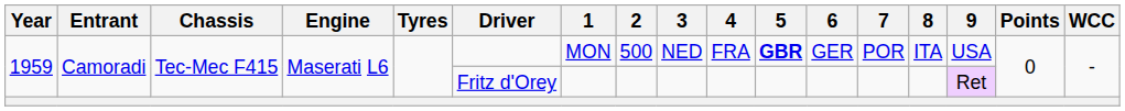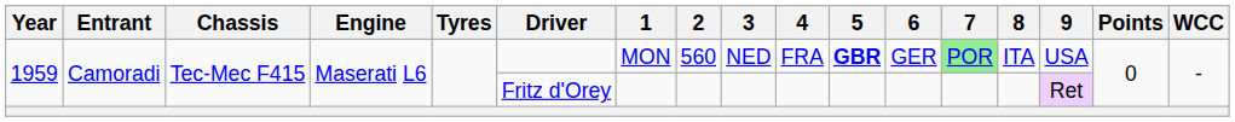 <table class="wikitable" style="text-align:center; font-size:95%">
 <tr>
 <th>Year</th>
 <th>Entrant</th>
 <th>Chassis</th>
 <th>Engine</th>
 <th>Tyres</th>
 <th>Driver</th>
 <th>1</th>
 <th>2</th>
 <th>3</th>
 <th>4</th>
 <th>5</th>
 <th>6</th>
 <th>7</th>
 <th>8</th>
 <th>9</th>
 <th>Points</th>
 <th>WCC</th>
 </tr>
 <tr>
 <td rowspan="2"><a href='#'>1959</a></td>
 <td rowspan="2"><a href='#'>Camoradi</a></td>
 <td rowspan="2"><a href='#'>Tec-Mec F415</a></td>
 <td rowspan="2"><a href='#'>Maserati</a> <a href='#'>L6</a></td>
 <td rowspan="2"></td>
 <td></td>
 <td><a href='#'>MON</a></td>
-<td><a href='#'>500</a></td>
+<td><a href='#'>560</a></td>
 <td><a href='#'>NED</a></td>
 <td><a href='#'>FRA</a></td>
 <td><strong><a href='#'>GBR</a></strong></td>
 <td><a href='#'>GER</a></td>
-<td><a href='#'>POR</a></td>
+<td style="background: lightgreen;"><a href='#'>POR</a></td>
 <td><a href='#'>ITA</a></td>
 <td><a href='#'>USA</a></td>
 <td rowspan="2">0</td>
 <td rowspan="2">-</td>
 </tr>
 <tr>
 <td><a href='#'>Fritz d'Orey</a></td>
 <td></td>
 <td></td>
 <td></td>
 <td></td>
 <td></td>
 <td></td>
 <td></td>
 <td></td>
 <td style="background:#EFCFFF;">Ret</td>
 </tr>
 <tr>
 <th colspan="17"></th>
 </tr>
 </table>
